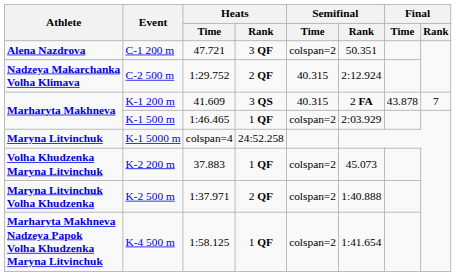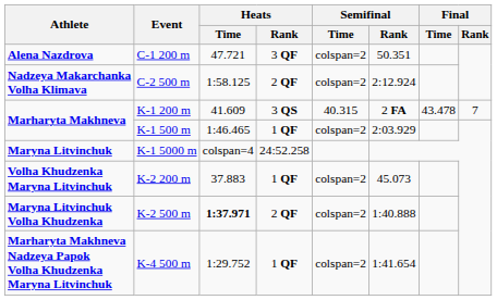 <table class="wikitable" style="text-align:center; font-size:90%">
 <tr>
 <th rowspan=2>Athlete</th>
 <th rowspan=2>Event</th>
 <th colspan=2>Heats</th>
 <th colspan=2>Semifinal</th>
 <th colspan=2>Final</th>
 </tr>
 <tr style="font-size:95%">
 <th>Time</th>
 <th>Rank</th>
 <th>Time</th>
 <th>Rank</th>
 <th>Time</th>
 <th>Rank</th>
 </tr>
 <tr>
 <td align=left><strong><a href='#'>Alena Nazdrova</a></strong></td>
 <td align=left><a href='#'>C-1 200 m</a></td>
 <td>47.721</td>
 <td>3  <strong>QF</strong></td>
 <td>colspan=2 </td>
 <td>50.351</td>
 <td></td>
 </tr>
 <tr>
 <td align=left><strong><a href='#'>Nadzeya Makarchanka</a><br><a href='#'>Volha Klimava</a></strong></td>
 <td align=left><a href='#'>C-2 500 m</a></td>
-<td>1:29.752</td>
+<td>1:58.125</td>
 <td>2  <strong>QF</strong></td>
-<td>40.315</td>
+<td>colspan=2 </td>
 <td>2:12.924</td>
 <td></td>
 </tr>
 <tr>
 <td rowspan=2 align=left><strong><a href='#'>Marharyta Makhneva</a></strong></td>
 <td align=left><a href='#'>K-1 200 m</a></td>
 <td>41.609</td>
 <td>3  <strong>QS</strong></td>
 <td>40.315</td>
 <td>2  <strong>FA</strong></td>
-<td>43.878</td>
+<td>43.478</td>
 <td>7</td>
 </tr>
 <tr>
 <td align=left><a href='#'>K-1 500 m</a></td>
 <td>1:46.465</td>
 <td>1  <strong>QF</strong></td>
 <td>colspan=2 </td>
 <td>2:03.929</td>
 <td></td>
 </tr>
 <tr>
 <td align=left><strong><a href='#'>Maryna Litvinchuk</a></strong></td>
 <td align=left><a href='#'>K-1 5000 m</a></td>
 <td>colspan=4 </td>
 <td>24:52.258</td>
 <td></td>
 </tr>
 <tr>
 <td align=left><strong><a href='#'>Volha Khudzenka</a><br><a href='#'>Maryna Litvinchuk</a></strong></td>
 <td align=left><a href='#'>K-2 200 m</a></td>
 <td>37.883</td>
 <td>1  <strong>QF</strong></td>
 <td>colspan=2 </td>
 <td>45.073</td>
 <td></td>
 </tr>
 <tr>
 <td align=left><strong><a href='#'>Maryna Litvinchuk</a><br><a href='#'>Volha Khudzenka</a></strong></td>
 <td align=left><a href='#'>K-2 500 m</a></td>
-<td>1:37.971</td>
+<td><strong>1:37.971</strong></td>
 <td>2  <strong>QF</strong></td>
 <td>colspan=2 </td>
 <td>1:40.888</td>
 <td></td>
 </tr>
 <tr>
 <td align=left><strong><a href='#'>Marharyta Makhneva</a><br><a href='#'>Nadzeya Papok</a><br><a href='#'>Volha Khudzenka</a><br><a href='#'>Maryna Litvinchuk</a></strong></td>
 <td align=left><a href='#'>K-4 500 m</a></td>
-<td>1:58.125</td>
+<td>1:29.752</td>
 <td>1  <strong>QF</strong></td>
 <td>colspan=2 </td>
 <td>1:41.654</td>
 <td></td>
 </tr>
 </table>
